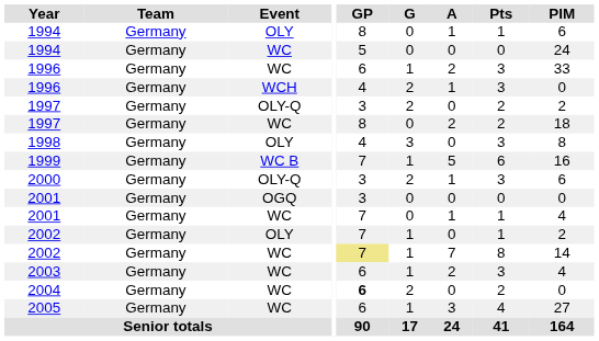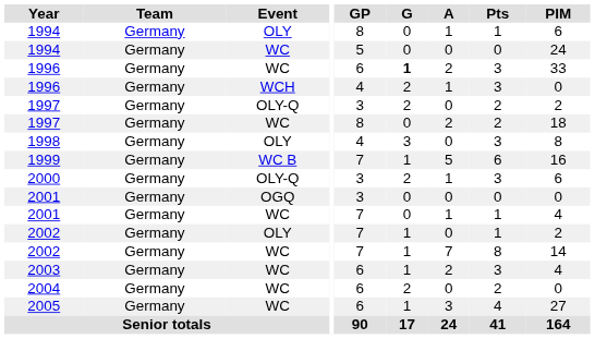 <table border="0" cellpadding="1" cellspacing="0" ID="Table3" style="text-align:center; width:40em">
 <tr bgcolor="#e0e0e0">
 <th>Year</th>
 <th>Team</th>
 <th>Event</th>
 <th rowspan="102" bgcolor="#ffffff"></th>
 <th>GP</th>
 <th>G</th>
 <th>A</th>
 <th>Pts</th>
 <th>PIM</th>
 </tr>
 <tr>
 <td><a href='#'>1994</a></td>
 <td><a href='#'>Germany</a></td>
 <td><a href='#'>OLY</a></td>
 <td>8</td>
 <td>0</td>
 <td>1</td>
 <td>1</td>
 <td>6</td>
 </tr>
 <tr bgcolor="#f0f0f0">
 <td><a href='#'>1994</a></td>
 <td>Germany</td>
 <td><a href='#'>WC</a></td>
 <td>5</td>
 <td>0</td>
 <td>0</td>
 <td>0</td>
 <td>24</td>
 </tr>
 <tr>
 <td><a href='#'>1996</a></td>
 <td>Germany</td>
 <td>WC</td>
 <td>6</td>
-<td>1</td>
+<td><strong>1</strong></td>
 <td>2</td>
 <td>3</td>
 <td>33</td>
 </tr>
 <tr bgcolor="#f0f0f0">
 <td><a href='#'>1996</a></td>
 <td>Germany</td>
 <td><a href='#'>WCH</a></td>
 <td>4</td>
 <td>2</td>
 <td>1</td>
 <td>3</td>
 <td>0</td>
 </tr>
 <tr>
 <td><a href='#'>1997</a></td>
 <td>Germany</td>
 <td>OLY-Q</td>
 <td>3</td>
 <td>2</td>
 <td>0</td>
 <td>2</td>
 <td>2</td>
 </tr>
 <tr bgcolor="#f0f0f0">
 <td><a href='#'>1997</a></td>
 <td>Germany</td>
 <td>WC</td>
 <td>8</td>
 <td>0</td>
 <td>2</td>
 <td>2</td>
 <td>18</td>
 </tr>
 <tr>
 <td><a href='#'>1998</a></td>
 <td>Germany</td>
 <td>OLY</td>
 <td>4</td>
 <td>3</td>
 <td>0</td>
 <td>3</td>
 <td>8</td>
 </tr>
 <tr bgcolor="#f0f0f0">
 <td><a href='#'>1999</a></td>
 <td>Germany</td>
 <td><a href='#'>WC B</a></td>
 <td>7</td>
 <td>1</td>
 <td>5</td>
 <td>6</td>
 <td>16</td>
 </tr>
 <tr>
 <td><a href='#'>2000</a></td>
 <td>Germany</td>
 <td>OLY-Q</td>
 <td>3</td>
 <td>2</td>
 <td>1</td>
 <td>3</td>
 <td>6</td>
 </tr>
 <tr bgcolor="#f0f0f0">
 <td><a href='#'>2001</a></td>
 <td>Germany</td>
 <td>OGQ</td>
 <td>3</td>
 <td>0</td>
 <td>0</td>
 <td>0</td>
 <td>0</td>
 </tr>
 <tr>
 <td><a href='#'>2001</a></td>
 <td>Germany</td>
 <td>WC</td>
 <td>7</td>
 <td>0</td>
 <td>1</td>
 <td>1</td>
 <td>4</td>
 </tr>
 <tr bgcolor="#f0f0f0">
 <td><a href='#'>2002</a></td>
 <td>Germany</td>
 <td>OLY</td>
 <td>7</td>
 <td>1</td>
 <td>0</td>
 <td>1</td>
 <td>2</td>
 </tr>
 <tr>
 <td><a href='#'>2002</a></td>
 <td>Germany</td>
 <td>WC</td>
-<td style="background: khaki;">7</td>
+<td>7</td>
 <td>1</td>
 <td>7</td>
 <td>8</td>
 <td>14</td>
 </tr>
 <tr bgcolor="#f0f0f0">
 <td><a href='#'>2003</a></td>
 <td>Germany</td>
 <td>WC</td>
 <td>6</td>
 <td>1</td>
 <td>2</td>
 <td>3</td>
 <td>4</td>
 </tr>
 <tr>
 <td><a href='#'>2004</a></td>
 <td>Germany</td>
 <td>WC</td>
-<td><strong>6</strong></td>
+<td>6</td>
 <td>2</td>
 <td>0</td>
 <td>2</td>
 <td>0</td>
 </tr>
 <tr bgcolor="#f0f0f0">
 <td><a href='#'>2005</a></td>
 <td>Germany</td>
 <td>WC</td>
 <td>6</td>
 <td>1</td>
 <td>3</td>
 <td>4</td>
 <td>27</td>
 </tr>
 <tr bgcolor="#e0e0e0">
 <th colspan="3">Senior totals</th>
 <th>90</th>
 <th>17</th>
 <th>24</th>
 <th>41</th>
 <th>164</th>
 </tr>
 </table>
